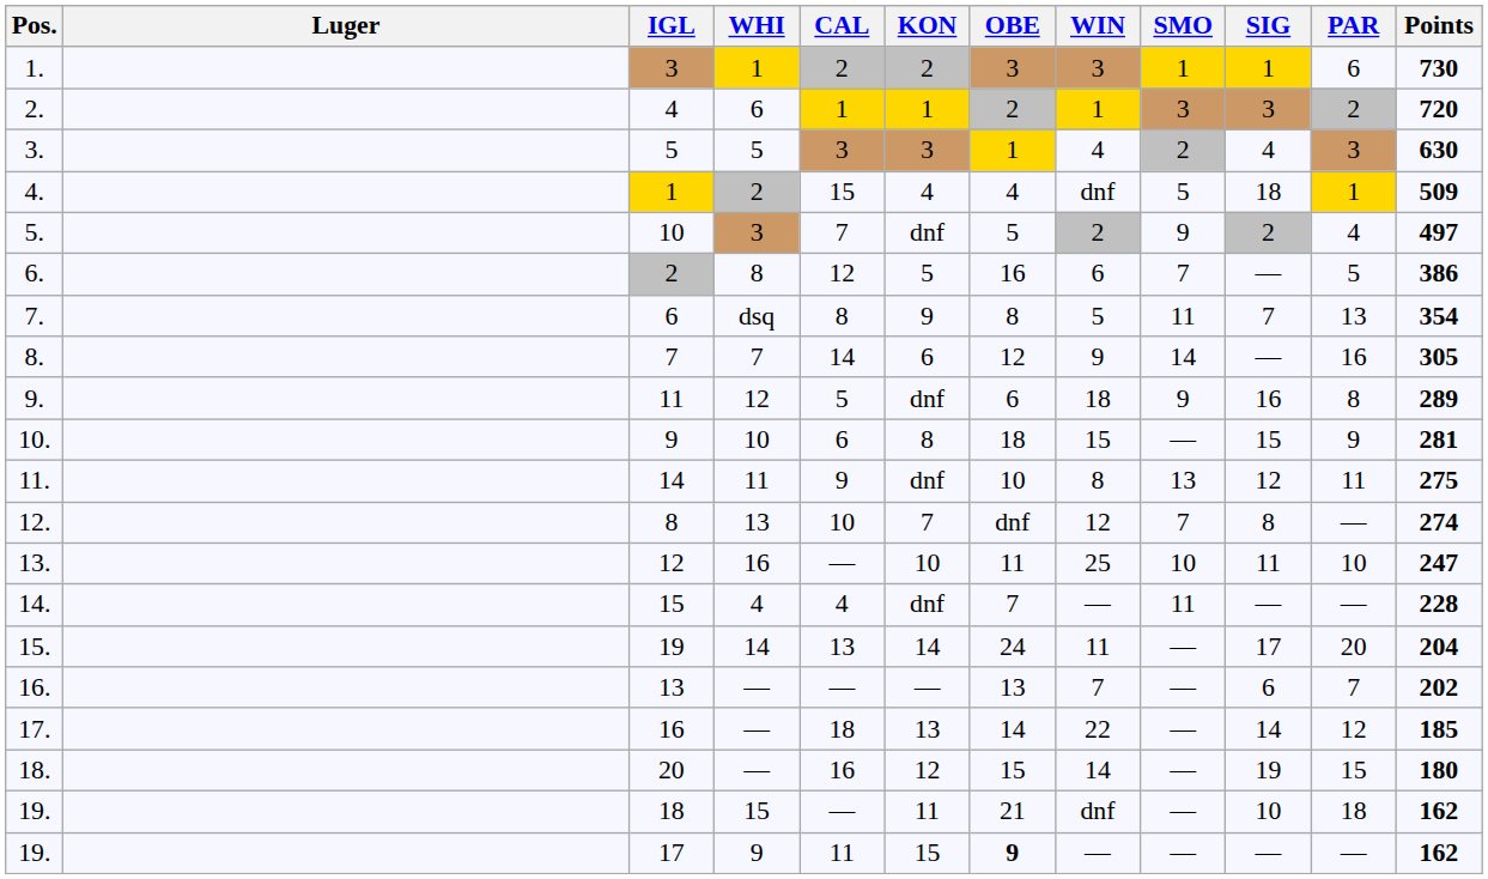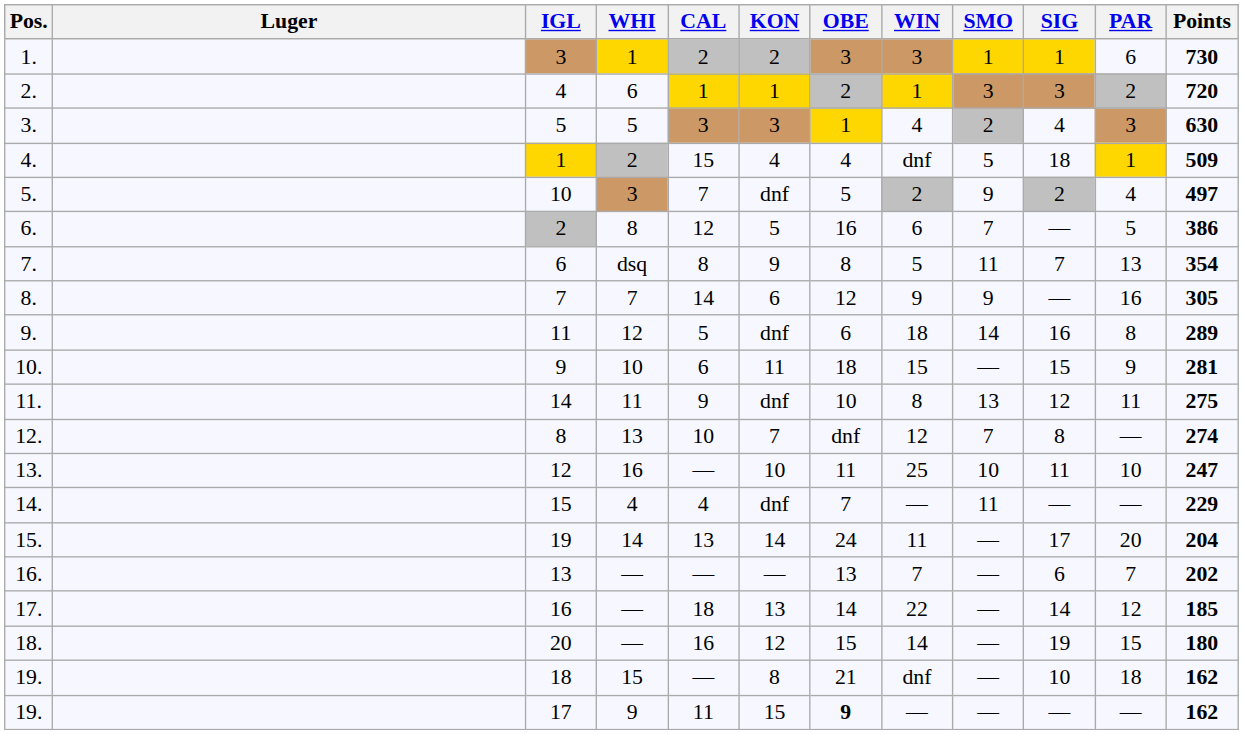 <table class="wikitable"  style="background:#f7f8ff; text-align:center; border:gray solid 1px;">
 <tr style="background:#ccc;">
 <th style="width:10px;">Pos.</th>
 <th style="width:340px;">Luger</th>
 <th style="width:45px;"><a href='#'>IGL</a></th>
 <th style="width:45px;"><a href='#'>WHI</a></th>
 <th style="width:45px;"><a href='#'>CAL</a></th>
 <th style="width:45px;"><a href='#'>KON</a></th>
 <th style="width:45px;"><a href='#'>OBE</a></th>
 <th style="width:45px;"><a href='#'>WIN</a></th>
 <th style="width:45px;"><a href='#'>SMO</a></th>
 <th style="width:45px;"><a href='#'>SIG</a></th>
 <th style="width:45px;"><a href='#'>PAR</a></th>
 <th style="width:45px;">Points</th>
 </tr>
 <tr>
 <td>1.</td>
 <td align="left"></td>
 <td style="background:#c96;">3</td>
 <td style="background:gold;">1</td>
 <td style="background:silver;">2</td>
 <td style="background:silver;">2</td>
 <td style="background:#c96;">3</td>
 <td style="background:#c96;">3</td>
 <td style="background:gold;">1</td>
 <td style="background:gold;">1</td>
 <td>6</td>
 <td><strong>730</strong></td>
 </tr>
 <tr>
 <td>2.</td>
 <td align="left"></td>
 <td>4</td>
 <td>6</td>
 <td style="background:gold;">1</td>
 <td style="background:gold;">1</td>
 <td style="background:silver;">2</td>
 <td style="background:gold;">1</td>
 <td style="background:#c96;">3</td>
 <td style="background:#c96;">3</td>
 <td style="background:silver;">2</td>
 <td><strong>720</strong></td>
 </tr>
 <tr>
 <td>3.</td>
 <td align="left"></td>
 <td>5</td>
 <td>5</td>
 <td style="background:#c96;">3</td>
 <td style="background:#c96;">3</td>
 <td style="background:gold;">1</td>
 <td>4</td>
 <td style="background:silver;">2</td>
 <td>4</td>
 <td style="background:#c96;">3</td>
 <td><strong>630</strong></td>
 </tr>
 <tr>
 <td>4.</td>
 <td align="left"></td>
 <td style="background:gold;">1</td>
 <td style="background:silver;">2</td>
 <td>15</td>
 <td>4</td>
 <td>4</td>
 <td>dnf</td>
 <td>5</td>
 <td>18</td>
 <td style="background:gold;">1</td>
 <td><strong>509</strong></td>
 </tr>
 <tr>
 <td>5.</td>
 <td align="left"></td>
 <td>10</td>
 <td style="background:#c96;">3</td>
 <td>7</td>
 <td>dnf</td>
 <td>5</td>
 <td style="background:silver;">2</td>
 <td>9</td>
 <td style="background:silver;">2</td>
 <td>4</td>
 <td><strong>497</strong></td>
 </tr>
 <tr>
 <td>6.</td>
 <td align="left"></td>
 <td style="background:silver;">2</td>
 <td>8</td>
 <td>12</td>
 <td>5</td>
 <td>16</td>
 <td>6</td>
 <td>7</td>
 <td>—</td>
 <td>5</td>
 <td><strong>386</strong></td>
 </tr>
 <tr>
 <td>7.</td>
 <td align="left"></td>
 <td>6</td>
 <td>dsq</td>
 <td>8</td>
 <td>9</td>
 <td>8</td>
 <td>5</td>
 <td>11</td>
 <td>7</td>
 <td>13</td>
 <td><strong>354</strong></td>
 </tr>
 <tr>
 <td>8.</td>
 <td align="left"></td>
 <td>7</td>
 <td>7</td>
 <td>14</td>
 <td>6</td>
 <td>12</td>
 <td>9</td>
-<td>14</td>
+<td>9</td>
 <td>—</td>
 <td>16</td>
 <td><strong>305</strong></td>
 </tr>
 <tr>
 <td>9.</td>
 <td align="left"></td>
 <td>11</td>
 <td>12</td>
 <td>5</td>
 <td>dnf</td>
 <td>6</td>
 <td>18</td>
-<td>9</td>
+<td>14</td>
 <td>16</td>
 <td>8</td>
 <td><strong>289</strong></td>
 </tr>
 <tr>
 <td>10.</td>
 <td align="left"></td>
 <td>9</td>
 <td>10</td>
 <td>6</td>
-<td>8</td>
+<td>11</td>
 <td>18</td>
 <td>15</td>
 <td>—</td>
 <td>15</td>
 <td>9</td>
 <td><strong>281</strong></td>
 </tr>
 <tr>
 <td>11.</td>
 <td align="left"></td>
 <td>14</td>
 <td>11</td>
 <td>9</td>
 <td>dnf</td>
 <td>10</td>
 <td>8</td>
 <td>13</td>
 <td>12</td>
 <td>11</td>
 <td><strong>275</strong></td>
 </tr>
 <tr>
 <td>12.</td>
 <td align="left"></td>
 <td>8</td>
 <td>13</td>
 <td>10</td>
 <td>7</td>
 <td>dnf</td>
 <td>12</td>
 <td>7</td>
 <td>8</td>
 <td>—</td>
 <td><strong>274</strong></td>
 </tr>
 <tr>
 <td>13.</td>
 <td align="left"></td>
 <td>12</td>
 <td>16</td>
 <td>—</td>
 <td>10</td>
 <td>11</td>
 <td>25</td>
 <td>10</td>
 <td>11</td>
 <td>10</td>
 <td><strong>247</strong></td>
 </tr>
 <tr>
 <td>14.</td>
 <td align="left"></td>
 <td>15</td>
 <td>4</td>
 <td>4</td>
 <td>dnf</td>
 <td>7</td>
 <td>—</td>
 <td>11</td>
 <td>—</td>
 <td>—</td>
-<td><strong>228</strong></td>
+<td><strong>229</strong></td>
 </tr>
 <tr>
 <td>15.</td>
 <td align="left"></td>
 <td>19</td>
 <td>14</td>
 <td>13</td>
 <td>14</td>
 <td>24</td>
 <td>11</td>
 <td>—</td>
 <td>17</td>
 <td>20</td>
 <td><strong>204</strong></td>
 </tr>
 <tr>
 <td>16.</td>
 <td align="left"></td>
 <td>13</td>
 <td>—</td>
 <td>—</td>
 <td>—</td>
 <td>13</td>
 <td>7</td>
 <td>—</td>
 <td>6</td>
 <td>7</td>
 <td><strong>202</strong></td>
 </tr>
 <tr>
 <td>17.</td>
 <td align="left"></td>
 <td>16</td>
 <td>—</td>
 <td>18</td>
 <td>13</td>
 <td>14</td>
 <td>22</td>
 <td>—</td>
 <td>14</td>
 <td>12</td>
 <td><strong>185</strong></td>
 </tr>
 <tr>
 <td>18.</td>
 <td align="left"></td>
 <td>20</td>
 <td>—</td>
 <td>16</td>
 <td>12</td>
 <td>15</td>
 <td>14</td>
 <td>—</td>
 <td>19</td>
 <td>15</td>
 <td><strong>180</strong></td>
 </tr>
 <tr>
 <td>19.</td>
 <td align="left"></td>
 <td>18</td>
 <td>15</td>
 <td>—</td>
-<td>11</td>
+<td>8</td>
 <td>21</td>
 <td>dnf</td>
 <td>—</td>
 <td>10</td>
 <td>18</td>
 <td><strong>162</strong></td>
 </tr>
 <tr>
 <td>19.</td>
 <td align="left"></td>
 <td>17</td>
 <td>9</td>
 <td>11</td>
 <td>15</td>
 <td><strong>9</strong></td>
 <td>—</td>
 <td>—</td>
 <td>—</td>
 <td>—</td>
 <td><strong>162</strong></td>
 </tr>
 </table>
